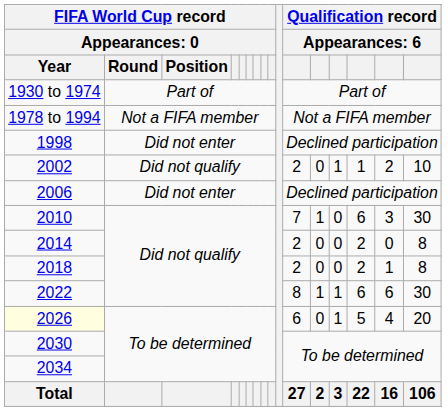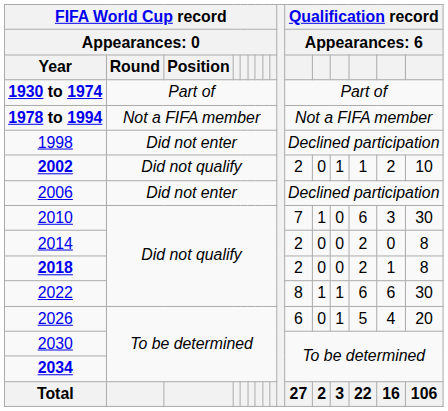 <table class="wikitable" style="text-align: center;">
 <tr>
 <th colspan=9><a href='#'>FIFA World Cup</a> record</th>
 <th rowspan=39></th>
 <th colspan=6><a href='#'>Qualification</a> record</th>
 </tr>
 <tr>
 <th colspan=9>Appearances: 0</th>
 <th colspan=6>Appearances: 6</th>
 </tr>
 <tr>
 <th>Year</th>
 <th>Round</th>
 <th>Position</th>
 <th></th>
 <th></th>
 <th></th>
 <th></th>
 <th></th>
 <th></th>
 <th></th>
 <th></th>
 <th></th>
 <th></th>
 <th></th>
 <th></th>
 </tr>
 <tr>
-<td><a href='#'>1930</a> to <a href='#'>1974</a></td>
+<td><strong><a href='#'>1930</a> to <a href='#'>1974</a></strong></td>
 <td colspan=8><em>Part of </em></td>
 <td colspan=6><em>Part of </em></td>
 </tr>
 <tr>
-<td><a href='#'>1978</a> to <a href='#'>1994</a></td>
+<td><strong><a href='#'>1978</a> to <a href='#'>1994</a></strong></td>
 <td colspan=8><em>Not a FIFA member</em></td>
 <td colspan=8><em>Not a FIFA member</em></td>
 </tr>
 <tr>
 <td> <a href='#'>1998</a></td>
 <td colspan=8><em>Did not enter</em></td>
 <td colspan=8><em>Declined participation</em></td>
 </tr>
 <tr>
-<td>  <a href='#'>2002</a></td>
+<td><strong>  <a href='#'>2002</a></strong></td>
 <td colspan=8><em>Did not qualify</em></td>
 <td>2</td>
 <td>0</td>
 <td>1</td>
 <td>1</td>
 <td>2</td>
 <td>10</td>
 </tr>
 <tr>
 <td> <a href='#'>2006</a></td>
 <td colspan=8><em>Did not enter</em></td>
 <td colspan=8><em>Declined participation</em></td>
 </tr>
 <tr>
 <td> <a href='#'>2010</a></td>
 <td colspan=8 rowspan=4><em>Did not qualify</em></td>
 <td>7</td>
 <td>1</td>
 <td>0</td>
 <td>6</td>
 <td>3</td>
 <td>30</td>
 </tr>
 <tr>
 <td> <a href='#'>2014</a></td>
 <td>2</td>
 <td>0</td>
 <td>0</td>
 <td>2</td>
 <td>0</td>
 <td>8</td>
 </tr>
 <tr>
-<td> <a href='#'>2018</a></td>
+<td><strong> <a href='#'>2018</a></strong></td>
 <td>2</td>
 <td>0</td>
 <td>0</td>
 <td>2</td>
 <td>1</td>
 <td>8</td>
 </tr>
 <tr>
 <td> <a href='#'>2022</a></td>
 <td>8</td>
 <td>1</td>
 <td>1</td>
 <td>6</td>
 <td>6</td>
 <td>30</td>
 </tr>
 <tr>
-<td style="background: lightyellow;">   <a href='#'>2026</a></td>
+<td>   <a href='#'>2026</a></td>
 <td colspan=8 rowspan=3><em>To be determined</em></td>
 <td>6</td>
 <td>0</td>
 <td>1</td>
 <td>5</td>
 <td>4</td>
 <td>20</td>
 </tr>
 <tr>
 <td>   <a href='#'>2030</a></td>
 <td colspan=6 rowspan=2><em>To be determined</em></td>
 </tr>
 <tr>
-<td> <a href='#'>2034</a></td>
+<td><strong> <a href='#'>2034</a></strong></td>
 </tr>
 <tr>
 <th>Total</th>
 <th></th>
 <th></th>
 <th></th>
 <th></th>
 <th></th>
 <th></th>
 <th></th>
 <th></th>
 <th>27</th>
 <th>2</th>
 <th>3</th>
 <th>22</th>
 <th>16</th>
 <th>106</th>
 </tr>
 </table>
